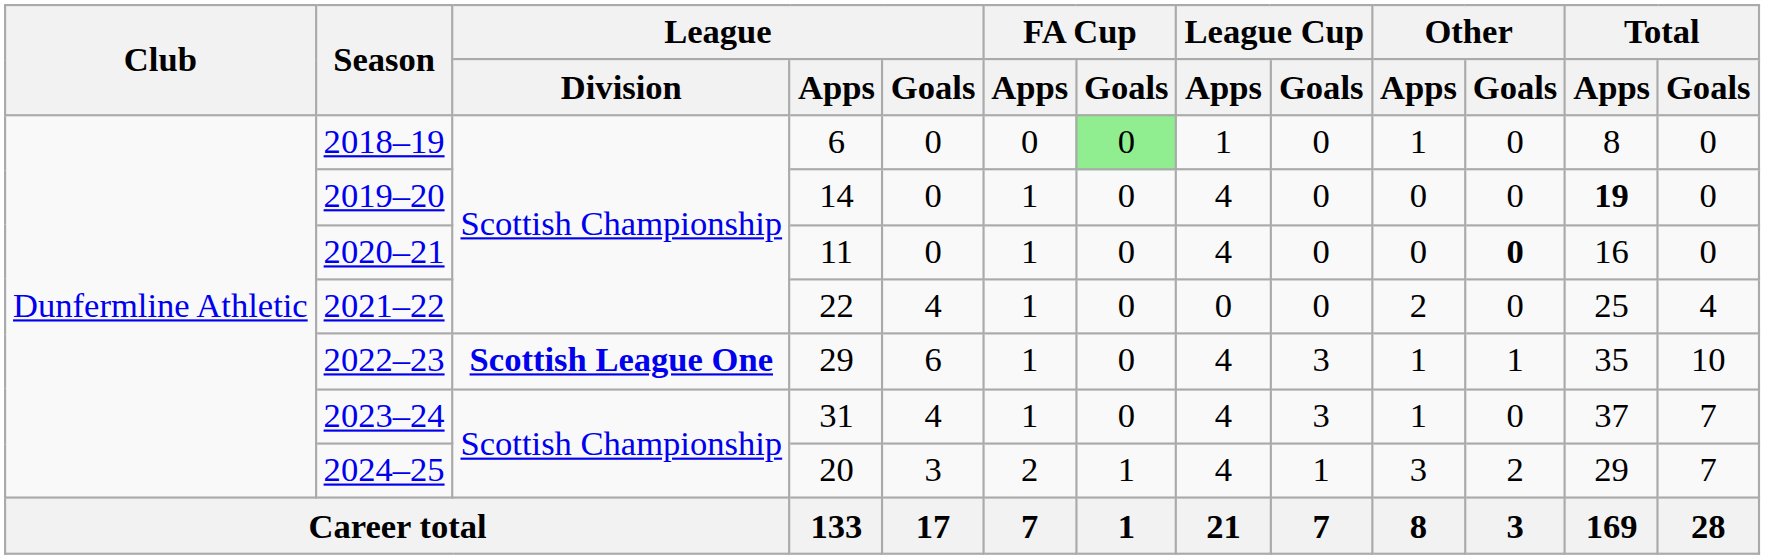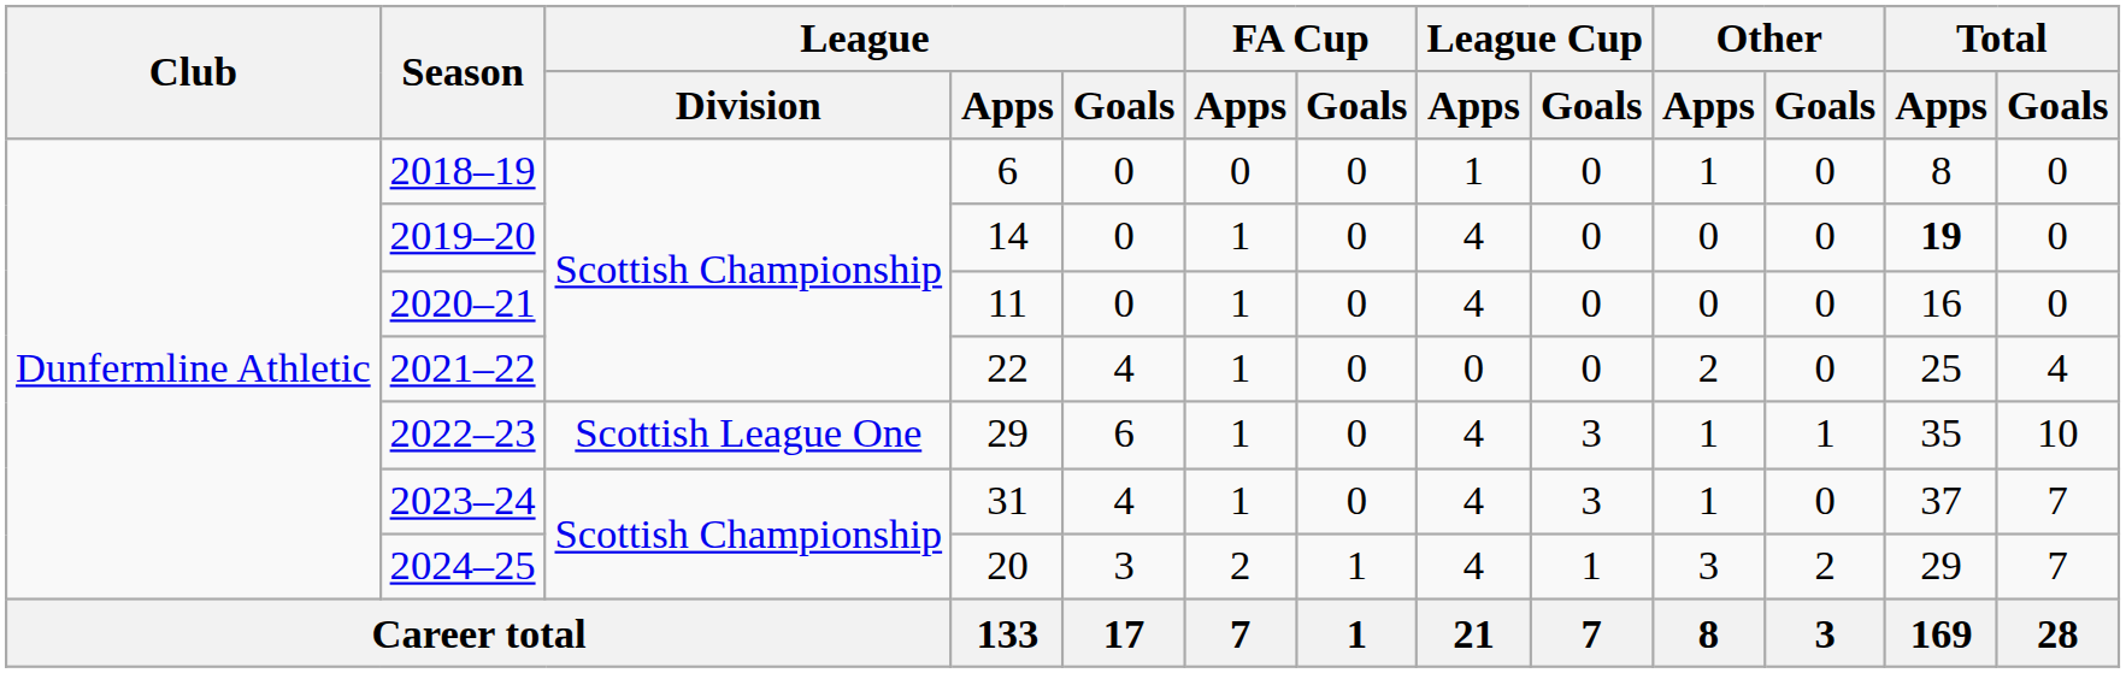 <table class="wikitable" style="text-align: center">
 <tr>
 <th rowspan="2">Club</th>
 <th rowspan="2">Season</th>
 <th colspan="3">League</th>
 <th colspan="2">FA Cup</th>
 <th colspan="2">League Cup</th>
 <th colspan="2">Other</th>
 <th colspan="2">Total</th>
 </tr>
 <tr>
 <th>Division</th>
 <th>Apps</th>
 <th>Goals</th>
 <th>Apps</th>
 <th>Goals</th>
 <th>Apps</th>
 <th>Goals</th>
 <th>Apps</th>
 <th>Goals</th>
 <th>Apps</th>
 <th>Goals</th>
 </tr>
 <tr>
 <td rowspan=7><a href='#'>Dunfermline Athletic</a></td>
 <td><a href='#'>2018–19</a></td>
 <td rowspan=4><a href='#'>Scottish Championship</a></td>
 <td>6</td>
 <td>0</td>
 <td>0</td>
-<td style="background: lightgreen;">0</td>
+<td>0</td>
 <td>1</td>
 <td>0</td>
 <td>1</td>
 <td>0</td>
 <td>8</td>
 <td>0</td>
 </tr>
 <tr>
 <td><a href='#'>2019–20</a></td>
 <td>14</td>
 <td>0</td>
 <td>1</td>
 <td>0</td>
 <td>4</td>
 <td>0</td>
 <td>0</td>
 <td>0</td>
 <td><strong>19</strong></td>
 <td>0</td>
 </tr>
 <tr>
 <td><a href='#'>2020–21</a></td>
 <td>11</td>
 <td>0</td>
 <td>1</td>
 <td>0</td>
 <td>4</td>
 <td>0</td>
 <td>0</td>
-<td><strong>0</strong></td>
+<td>0</td>
 <td>16</td>
 <td>0</td>
 </tr>
 <tr>
 <td><a href='#'>2021–22</a></td>
 <td>22</td>
 <td>4</td>
 <td>1</td>
 <td>0</td>
 <td>0</td>
 <td>0</td>
 <td>2</td>
 <td>0</td>
 <td>25</td>
 <td>4</td>
 </tr>
 <tr>
 <td><a href='#'>2022–23</a></td>
-<td><strong><a href='#'>Scottish League One</a></strong></td>
+<td><a href='#'>Scottish League One</a></td>
 <td>29</td>
 <td>6</td>
 <td>1</td>
 <td>0</td>
 <td>4</td>
 <td>3</td>
 <td>1</td>
 <td>1</td>
 <td>35</td>
 <td>10</td>
 </tr>
 <tr>
 <td><a href='#'>2023–24</a></td>
 <td rowspan=2><a href='#'>Scottish Championship</a></td>
 <td>31</td>
 <td>4</td>
 <td>1</td>
 <td>0</td>
 <td>4</td>
 <td>3</td>
 <td>1</td>
 <td>0</td>
 <td>37</td>
 <td>7</td>
 </tr>
 <tr>
 <td><a href='#'>2024–25</a></td>
 <td>20</td>
 <td>3</td>
 <td>2</td>
 <td>1</td>
 <td>4</td>
 <td>1</td>
 <td>3</td>
 <td>2</td>
 <td>29</td>
 <td>7</td>
 </tr>
 <tr>
 <th colspan="3">Career total</th>
 <th>133</th>
 <th>17</th>
 <th>7</th>
 <th>1</th>
 <th>21</th>
 <th>7</th>
 <th>8</th>
 <th>3</th>
 <th>169</th>
 <th>28</th>
 </tr>
 </table>
